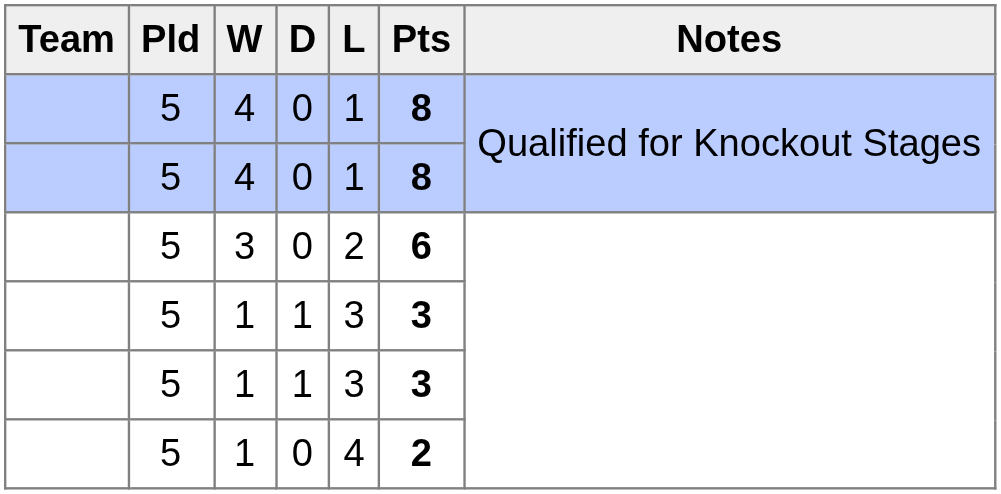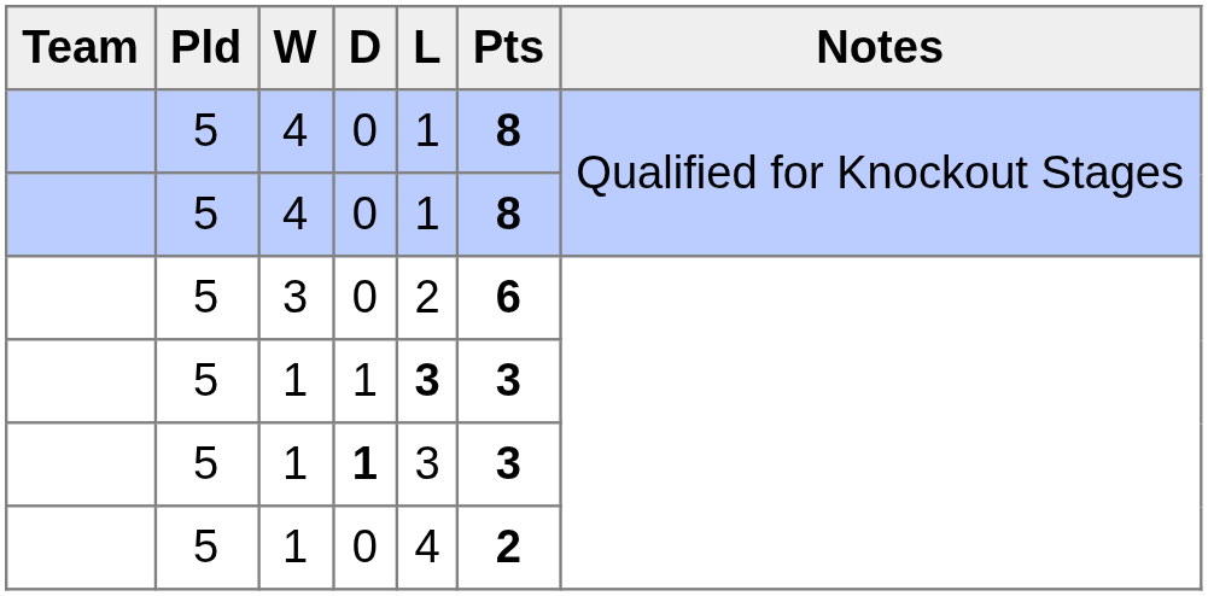 <table style=border-collapse:collapse border=1 cellspacing=0 cellpadding=5>
 <tr align=center bgcolor=#efefef>
 <th>Team</th>
 <th>Pld</th>
 <th>W</th>
 <th>D</th>
 <th>L</th>
 <th>Pts</th>
 <th>Notes</th>
 </tr>
 <tr align=center style="background:#bbccff;">
 <td style="text-align:left;"> </td>
 <td>5</td>
 <td>4</td>
 <td>0</td>
 <td>1</td>
 <td><strong>8</strong></td>
 <td rowspan=2>Qualified for Knockout Stages</td>
 </tr>
 <tr align=center style="background:#bbccff;">
 <td style="text-align:left;"> </td>
 <td>5</td>
 <td>4</td>
 <td>0</td>
 <td>1</td>
 <td><strong>8</strong></td>
 </tr>
 <tr align=center style="background:#FFFFFF;">
 <td style="text-align:left;"> </td>
 <td>5</td>
 <td>3</td>
 <td>0</td>
 <td>2</td>
 <td><strong>6</strong></td>
 <td rowspan=4></td>
 </tr>
 <tr align=center style="background:#FFFFFF;">
 <td style="text-align:left;"> </td>
 <td>5</td>
 <td>1</td>
 <td>1</td>
-<td>3</td>
+<td><strong>3</strong></td>
 <td><strong>3</strong></td>
 </tr>
 <tr align=center style="background:#FFFFFF;">
 <td style="text-align:left;"> </td>
 <td>5</td>
 <td>1</td>
-<td>1</td>
+<td><strong>1</strong></td>
 <td>3</td>
 <td><strong>3</strong></td>
 </tr>
 <tr align=center style="background:#FFFFFF;">
 <td style="text-align:left;"> </td>
 <td>5</td>
 <td>1</td>
 <td>0</td>
 <td>4</td>
 <td><strong>2</strong></td>
 </tr>
 </table>
